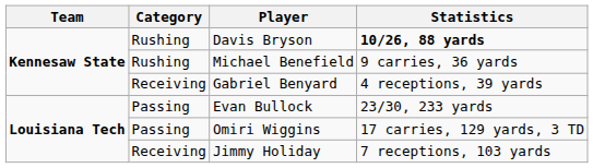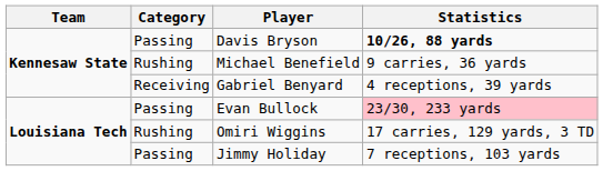 <table class="wikitable" style="float: right;">
 <tr>
 <th>Team</th>
 <th>Category</th>
 <th>Player</th>
 <th>Statistics</th>
 </tr>
 <tr>
 <td rowspan=3><strong>Kennesaw State</strong></td>
-<td>Rushing</td>
+<td>Passing</td>
 <td>Davis Bryson</td>
 <td><strong>10/26, 88 yards</strong></td>
 </tr>
 <tr>
 <td>Rushing</td>
 <td>Michael Benefield</td>
 <td>9 carries, 36 yards</td>
 </tr>
 <tr>
 <td>Receiving</td>
 <td>Gabriel Benyard</td>
 <td>4 receptions, 39 yards</td>
 </tr>
 <tr>
 <td rowspan=3><strong>Louisiana Tech</strong></td>
 <td>Passing</td>
 <td>Evan Bullock</td>
-<td>23/30, 233 yards</td>
+<td style="background: pink;">23/30, 233 yards</td>
 </tr>
 <tr>
-<td>Passing</td>
+<td>Rushing</td>
 <td>Omiri Wiggins</td>
 <td>17 carries, 129 yards, 3 TD</td>
 </tr>
 <tr>
-<td>Receiving</td>
+<td>Passing</td>
 <td>Jimmy Holiday</td>
 <td>7 receptions, 103 yards</td>
 </tr>
 </table>
